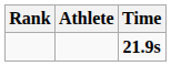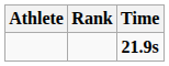 <table class=wikitable style="text-align:center;">
 <tr>
+<th>Athlete</th>
 <th>Rank</th>
-<th>Athlete</th>
 <th>Time</th>
 </tr>
 <tr>
+<td align=left></td>
 <td></td>
-<td align=left></td>
 <td><strong>21.9s</strong></td>
 </tr>
 </table>
